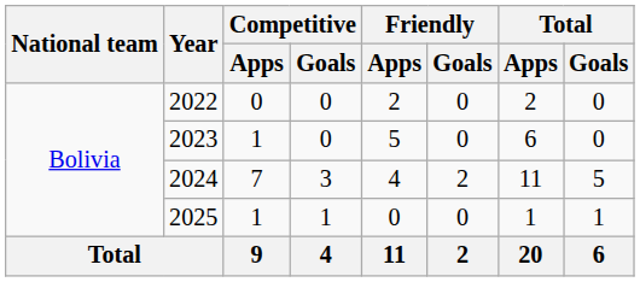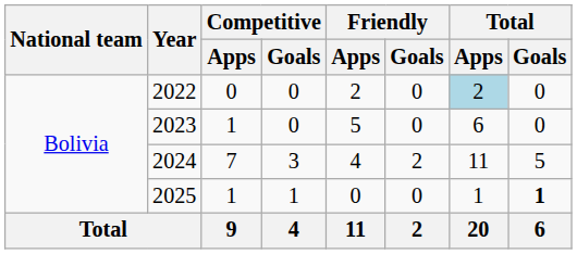 <table class="wikitable" style="text-align:center">
 <tr>
 <th rowspan="2">National team</th>
 <th rowspan="2">Year</th>
 <th colspan="2">Competitive</th>
 <th colspan="2">Friendly</th>
 <th colspan="2">Total</th>
 </tr>
 <tr>
 <th>Apps</th>
 <th>Goals</th>
 <th>Apps</th>
 <th>Goals</th>
 <th>Apps</th>
 <th>Goals</th>
 </tr>
 <tr>
 <td rowspan="4"><a href='#'>Bolivia</a></td>
 <td>2022</td>
 <td>0</td>
 <td>0</td>
 <td>2</td>
 <td>0</td>
-<td>2</td>
+<td style="background: lightblue;">2</td>
 <td>0</td>
 </tr>
 <tr>
 <td>2023</td>
 <td>1</td>
 <td>0</td>
 <td>5</td>
 <td>0</td>
 <td>6</td>
 <td>0</td>
 </tr>
 <tr>
 <td>2024</td>
 <td>7</td>
 <td>3</td>
 <td>4</td>
 <td>2</td>
 <td>11</td>
 <td>5</td>
 </tr>
 <tr>
 <td>2025</td>
 <td>1</td>
 <td>1</td>
 <td>0</td>
 <td>0</td>
 <td>1</td>
-<td>1</td>
+<td><strong>1</strong></td>
 </tr>
 <tr>
 <th colspan="2">Total</th>
 <th>9</th>
 <th>4</th>
 <th>11</th>
 <th>2</th>
 <th>20</th>
 <th>6</th>
 </tr>
 </table>
